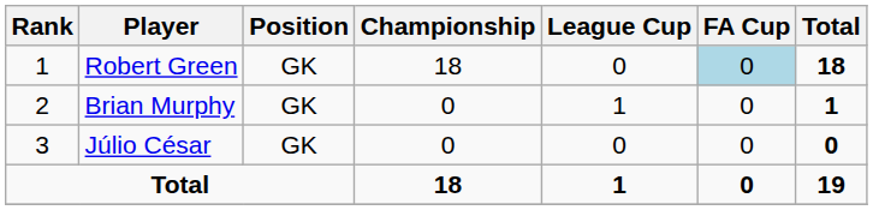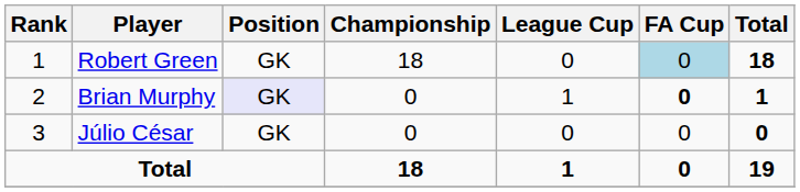 <table class="wikitable" style="font-size: 95%; text-align: center;">
 <tr>
 <th>Rank</th>
 <th>Player</th>
 <th>Position</th>
 <th>Championship</th>
 <th>League Cup</th>
 <th>FA Cup</th>
 <th>Total</th>
 </tr>
 <tr>
 <td align=center>1</td>
 <td align=left> <a href='#'>Robert Green</a></td>
 <td align=center>GK</td>
 <td align=center>18</td>
 <td align=center>0</td>
 <td align=center style="background: lightblue;">0</td>
 <td align=center><strong>18</strong></td>
 </tr>
 <tr>
 <td align=center>2</td>
 <td align=left> <a href='#'>Brian Murphy</a></td>
-<td align=center>GK</td>
+<td align=center style="background: lavender;">GK</td>
 <td align=center>0</td>
 <td align=center>1</td>
-<td align=center>0</td>
+<td align=center><strong>0</strong></td>
 <td align=center><strong>1</strong></td>
 </tr>
 <tr>
 <td align=center>3</td>
 <td align=left> <a href='#'>Júlio César</a></td>
 <td align=center>GK</td>
 <td align=center>0</td>
 <td align=center>0</td>
 <td align=center>0</td>
 <td align=center><strong>0</strong></td>
 </tr>
 <tr>
 <td colspan=3 align=center><strong>Total</strong></td>
 <td align=center><strong>18</strong></td>
 <td align=center><strong>1</strong></td>
 <td align=center><strong>0</strong></td>
 <td align=center><strong>19</strong></td>
 </tr>
 <tr>
 </tr>
 </table>
